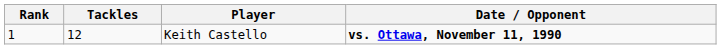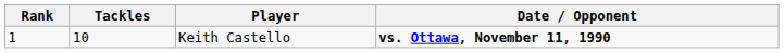 <table class="wikitable" style="width:60%;">
 <tr>
 <th>Rank</th>
 <th>Tackles</th>
 <th>Player</th>
 <th>Date / Opponent</th>
 </tr>
 <tr>
 <td>1</td>
-<td>12</td>
+<td>10</td>
 <td>Keith Castello</td>
 <td><strong>vs. <a href='#'>Ottawa</a>, November 11, 1990</strong></td>
 </tr>
 </table>
